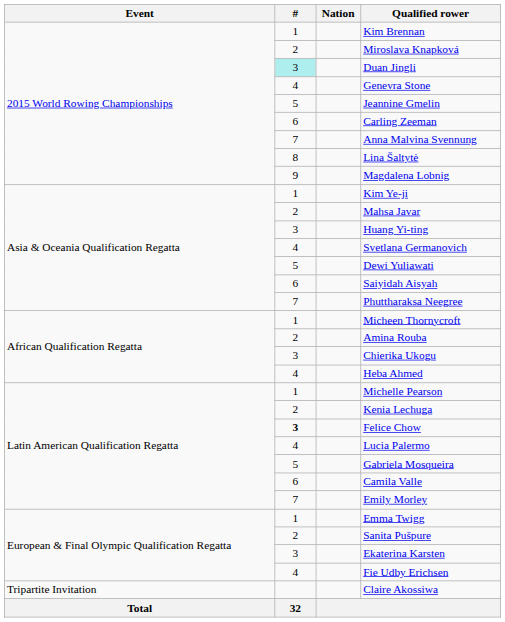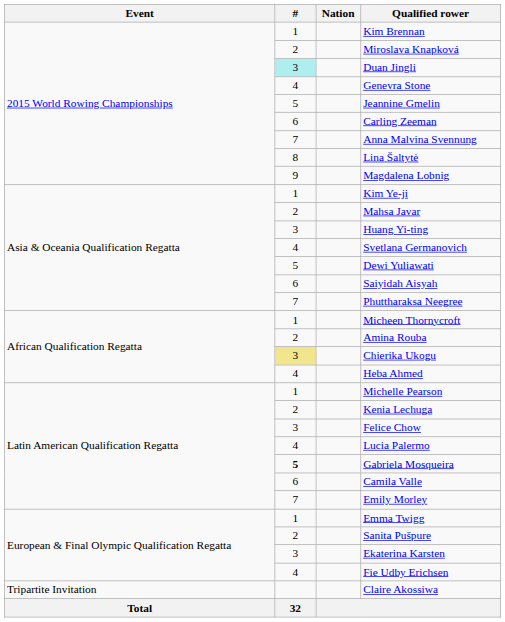 <table class="wikitable"  style="width:700px; text-align:center;">
 <tr>
 <th>Event</th>
 <th width=50>#</th>
 <th>Nation</th>
 <th>Qualified rower</th>
 </tr>
 <tr>
 <td rowspan=9 align=left><a href='#'>2015 World Rowing Championships</a></td>
 <td>1</td>
 <td align=left></td>
 <td align=left><a href='#'>Kim Brennan</a></td>
 </tr>
 <tr>
 <td>2</td>
 <td align=left></td>
 <td align=left><a href='#'>Miroslava Knapková</a></td>
 </tr>
 <tr>
 <td style="background: paleturquoise;">3</td>
 <td align=left></td>
 <td align=left><a href='#'>Duan Jingli</a></td>
 </tr>
 <tr>
 <td>4</td>
 <td align=left></td>
 <td align=left><a href='#'>Genevra Stone</a></td>
 </tr>
 <tr>
 <td>5</td>
 <td align=left></td>
 <td align=left><a href='#'>Jeannine Gmelin</a></td>
 </tr>
 <tr>
 <td>6</td>
 <td align=left></td>
 <td align=left><a href='#'>Carling Zeeman</a></td>
 </tr>
 <tr>
 <td>7</td>
 <td align=left></td>
 <td align=left><a href='#'>Anna Malvina Svennung</a></td>
 </tr>
 <tr>
 <td>8</td>
 <td align=left></td>
 <td align=left><a href='#'>Lina Šaltytė</a></td>
 </tr>
 <tr>
 <td>9</td>
 <td align=left></td>
 <td align=left><a href='#'>Magdalena Lobnig</a></td>
 </tr>
 <tr>
 <td rowspan=7 align=left>Asia & Oceania Qualification Regatta</td>
 <td>1</td>
 <td align=left></td>
 <td align=left><a href='#'>Kim Ye-ji</a></td>
 </tr>
 <tr>
 <td>2</td>
 <td align=left></td>
 <td align=left><a href='#'>Mahsa Javar</a></td>
 </tr>
 <tr>
 <td>3</td>
 <td align=left></td>
 <td align=left><a href='#'>Huang Yi-ting</a></td>
 </tr>
 <tr>
 <td>4</td>
 <td align=left></td>
 <td align=left><a href='#'>Svetlana Germanovich</a></td>
 </tr>
 <tr>
 <td>5</td>
 <td align=left></td>
 <td align=left><a href='#'>Dewi Yuliawati</a></td>
 </tr>
 <tr>
 <td>6</td>
 <td align=left></td>
 <td align=left><a href='#'>Saiyidah Aisyah</a></td>
 </tr>
 <tr>
 <td>7</td>
 <td align=left></td>
 <td align=left><a href='#'>Phuttharaksa Neegree</a></td>
 </tr>
 <tr>
 <td rowspan=4 align=left>African Qualification Regatta</td>
 <td>1</td>
 <td align=left></td>
 <td align=left><a href='#'>Micheen Thornycroft</a></td>
 </tr>
 <tr>
 <td>2</td>
 <td align=left></td>
 <td align=left><a href='#'>Amina Rouba</a></td>
 </tr>
 <tr>
-<td>3</td>
+<td style="background: khaki;">3</td>
 <td align=left></td>
 <td align=left><a href='#'>Chierika Ukogu</a></td>
 </tr>
 <tr>
 <td>4</td>
 <td align=left></td>
 <td align=left><a href='#'>Heba Ahmed</a></td>
 </tr>
 <tr>
 <td rowspan=7 align=left>Latin American Qualification Regatta</td>
 <td>1</td>
 <td align=left></td>
 <td align=left><a href='#'>Michelle Pearson</a></td>
 </tr>
 <tr>
 <td>2</td>
 <td align=left></td>
 <td align=left><a href='#'>Kenia Lechuga</a></td>
 </tr>
 <tr>
-<td><strong>3</strong></td>
+<td>3</td>
 <td align=left></td>
 <td align=left><a href='#'>Felice Chow</a></td>
 </tr>
 <tr>
 <td>4</td>
 <td align=left></td>
 <td align=left><a href='#'>Lucia Palermo</a></td>
 </tr>
 <tr>
-<td>5</td>
+<td><strong>5</strong></td>
 <td align=left></td>
 <td align=left><a href='#'>Gabriela Mosqueira</a></td>
 </tr>
 <tr>
 <td>6</td>
 <td align=left></td>
 <td align=left><a href='#'>Camila Valle</a></td>
 </tr>
 <tr>
 <td>7</td>
 <td align=left></td>
 <td align=left><a href='#'>Emily Morley</a></td>
 </tr>
 <tr>
 <td rowspan=4 align=left>European & Final Olympic Qualification Regatta</td>
 <td>1</td>
 <td align=left></td>
 <td align=left><a href='#'>Emma Twigg</a></td>
 </tr>
 <tr>
 <td>2</td>
 <td align=left></td>
 <td align=left><a href='#'>Sanita Pušpure</a></td>
 </tr>
 <tr>
 <td>3</td>
 <td align=left></td>
 <td align=left><a href='#'>Ekaterina Karsten</a></td>
 </tr>
 <tr>
 <td>4</td>
 <td align=left></td>
 <td align=left><a href='#'>Fie Udby Erichsen</a></td>
 </tr>
 <tr>
 <td align=left>Tripartite Invitation</td>
 <td></td>
 <td align=left></td>
 <td align=left><a href='#'>Claire Akossiwa</a></td>
 </tr>
 <tr>
 <th>Total</th>
 <th>32</th>
 <th colspan=2></th>
 </tr>
 </table>
